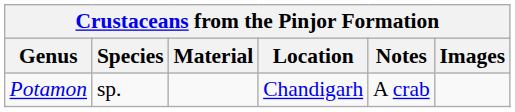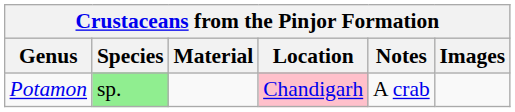 <table class="wikitable" align="center">
 <tr>
 <th colspan="6" align="center"><strong><a href='#'>Crustaceans</a> from the Pinjor Formation</strong></th>
 </tr>
 <tr>
 <th>Genus</th>
 <th>Species</th>
 <th>Material</th>
 <th>Location</th>
 <th>Notes</th>
 <th>Images</th>
 </tr>
 <tr>
 <td><em><a href='#'>Potamon</a></em></td>
-<td>sp.</td>
+<td style="background: lightgreen;">sp.</td>
 <td></td>
-<td><a href='#'>Chandigarh</a></td>
+<td style="background: pink;"><a href='#'>Chandigarh</a></td>
 <td>A <a href='#'>crab</a></td>
 <td></td>
 </tr>
 </table>
